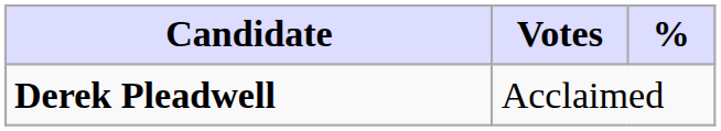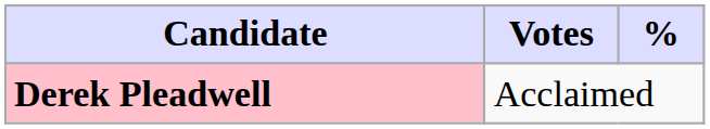 <table class="wikitable">
 <tr>
 <th style="background:#ddf; width:200px;">Candidate</th>
 <th style="background:#ddf; width:50px;">Votes</th>
 <th style="background:#ddf; width:30px;">%</th>
 </tr>
 <tr>
-<td><strong>Derek Pleadwell</strong></td>
+<td style="background: pink;"><strong>Derek Pleadwell</strong></td>
 <td colspan="2">Acclaimed</td>
 </tr>
 </table>
